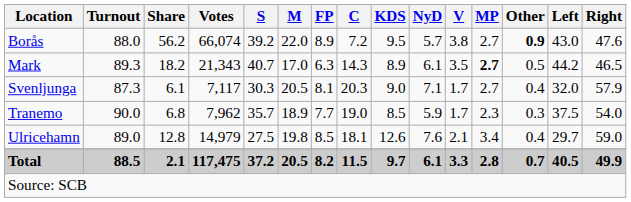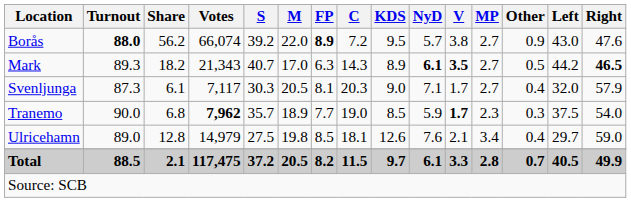 <table class="wikitable sortable" style=text-align:right>
 <tr>
 <th>Location</th>
 <th>Turnout</th>
 <th>Share</th>
 <th>Votes</th>
 <th><a href='#'>S</a></th>
 <th><a href='#'>M</a></th>
 <th><a href='#'>FP</a></th>
 <th><a href='#'>C</a></th>
 <th><a href='#'>KDS</a></th>
 <th><a href='#'>NyD</a></th>
 <th><a href='#'>V</a></th>
 <th><a href='#'>MP</a></th>
 <th>Other</th>
 <th>Left</th>
 <th>Right</th>
 </tr>
 <tr>
 <td align=left><a href='#'>Borås</a></td>
-<td>88.0</td>
+<td><strong>88.0</strong></td>
 <td>56.2</td>
 <td>66,074</td>
 <td>39.2</td>
 <td>22.0</td>
-<td>8.9</td>
+<td><strong>8.9</strong></td>
 <td>7.2</td>
 <td>9.5</td>
 <td>5.7</td>
 <td>3.8</td>
 <td>2.7</td>
-<td><strong>0.9</strong></td>
+<td>0.9</td>
 <td>43.0</td>
 <td>47.6</td>
 </tr>
 <tr>
 <td align=left><a href='#'>Mark</a></td>
 <td>89.3</td>
 <td>18.2</td>
 <td>21,343</td>
 <td>40.7</td>
 <td>17.0</td>
 <td>6.3</td>
 <td>14.3</td>
 <td>8.9</td>
-<td>6.1</td>
-<td>3.5</td>
-<td><strong>2.7</strong></td>
+<td><strong>6.1</strong></td>
+<td><strong>3.5</strong></td>
+<td>2.7</td>
 <td>0.5</td>
 <td>44.2</td>
-<td>46.5</td>
+<td><strong>46.5</strong></td>
 </tr>
 <tr>
 <td align=left><a href='#'>Svenljunga</a></td>
 <td>87.3</td>
 <td>6.1</td>
 <td>7,117</td>
 <td>30.3</td>
 <td>20.5</td>
 <td>8.1</td>
 <td>20.3</td>
 <td>9.0</td>
 <td>7.1</td>
 <td>1.7</td>
 <td>2.7</td>
 <td>0.4</td>
 <td>32.0</td>
 <td>57.9</td>
 </tr>
 <tr>
 <td align=left><a href='#'>Tranemo</a></td>
 <td>90.0</td>
 <td>6.8</td>
-<td>7,962</td>
+<td><strong>7,962</strong></td>
 <td>35.7</td>
 <td>18.9</td>
 <td>7.7</td>
 <td>19.0</td>
 <td>8.5</td>
 <td>5.9</td>
-<td>1.7</td>
+<td><strong>1.7</strong></td>
 <td>2.3</td>
 <td>0.3</td>
 <td>37.5</td>
 <td>54.0</td>
 </tr>
 <tr>
 <td align=left><a href='#'>Ulricehamn</a></td>
 <td>89.0</td>
 <td>12.8</td>
 <td>14,979</td>
 <td>27.5</td>
 <td>19.8</td>
 <td>8.5</td>
 <td>18.1</td>
 <td>12.6</td>
 <td>7.6</td>
 <td>2.1</td>
 <td>3.4</td>
 <td>0.4</td>
 <td>29.7</td>
 <td>59.0</td>
 </tr>
 <tr>
 </tr>
 <tr style="background:#CDCDCD;">
 <td align=left><strong>Total</strong></td>
 <td><strong>88.5</strong></td>
 <td><strong>2.1</strong></td>
 <td><strong>117,475</strong></td>
 <td><strong>37.2</strong></td>
 <td><strong>20.5</strong></td>
 <td><strong>8.2</strong></td>
 <td><strong>11.5</strong></td>
 <td><strong>9.7</strong></td>
 <td><strong>6.1</strong></td>
 <td><strong>3.3</strong></td>
 <td><strong>2.8</strong></td>
 <td><strong>0.7</strong></td>
 <td><strong>40.5</strong></td>
 <td><strong>49.9</strong></td>
 </tr>
 <tr>
 <td align=left colspan=15>Source: SCB </td>
 </tr>
 </table>
